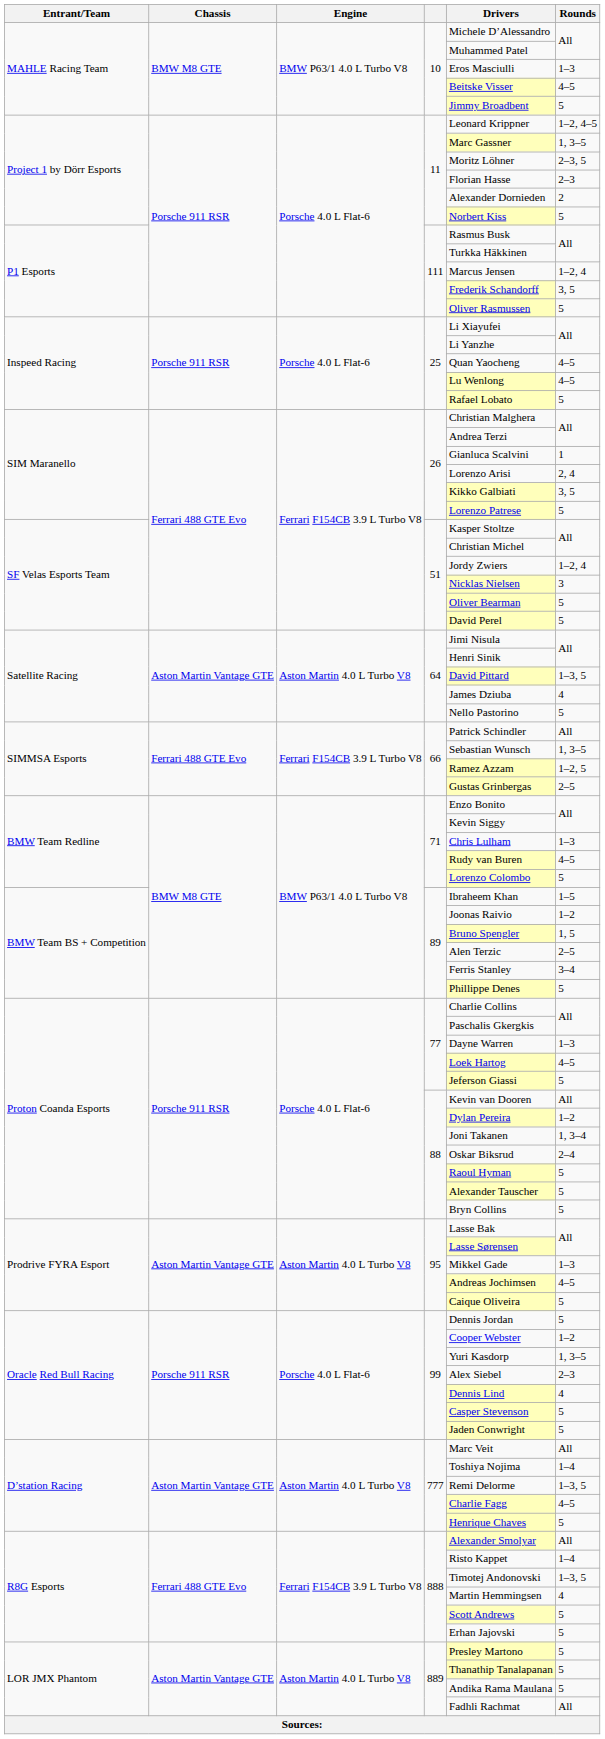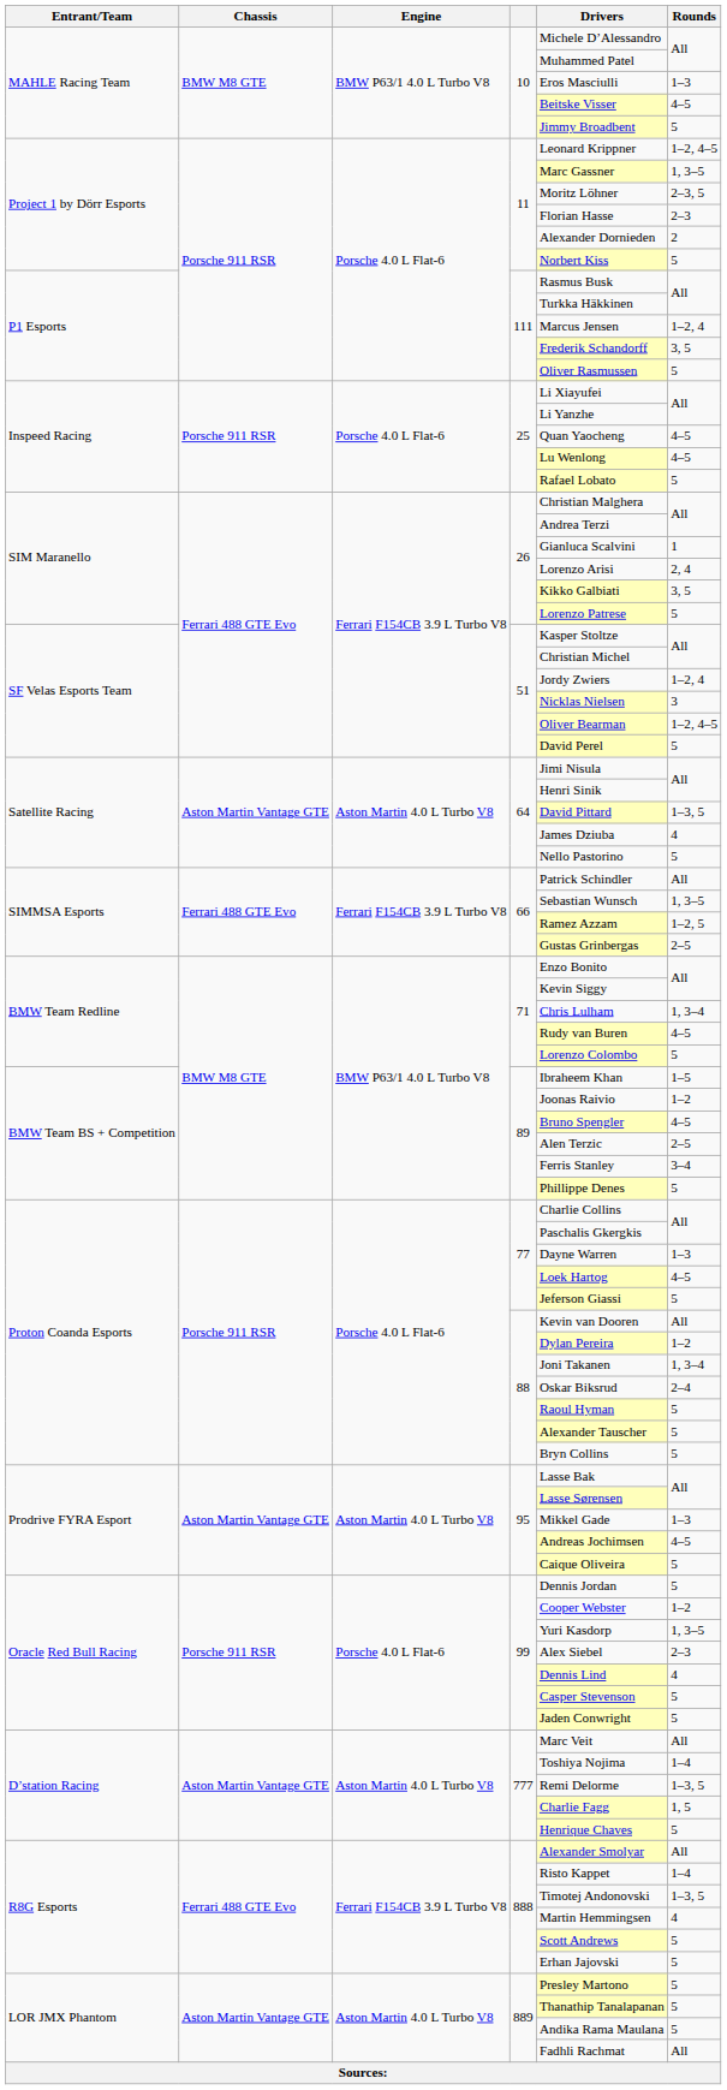 <table class="wikitable" style="font-size: 85%;">
 <tr>
 <th>Entrant/Team</th>
 <th>Chassis</th>
 <th>Engine</th>
 <th></th>
 <th>Drivers</th>
 <th>Rounds</th>
 </tr>
 <tr>
 <td rowspan="5"> <a href='#'>MAHLE</a> Racing Team</td>
 <td rowspan="5"><a href='#'>BMW M8 GTE</a></td>
 <td rowspan="5"><a href='#'>BMW</a> P63/1 4.0 L Turbo V8</td>
 <td rowspan="5" align="center">10</td>
 <td> Michele D’Alessandro</td>
 <td rowspan="2">All</td>
 </tr>
 <tr>
 <td> Muhammed Patel</td>
 </tr>
 <tr>
 <td> Eros Masciulli</td>
 <td>1–3</td>
 </tr>
 <tr>
 <td style="background:#ffffbb;"> <a href='#'>Beitske Visser</a></td>
 <td>4–5</td>
 </tr>
 <tr>
 <td style="background:#ffffbb;"> <a href='#'>Jimmy Broadbent</a></td>
 <td>5</td>
 </tr>
 <tr>
 <td rowspan="6"> <a href='#'>Project 1</a> by Dörr Esports</td>
 <td rowspan="11"><a href='#'>Porsche 911 RSR</a></td>
 <td rowspan="11"><a href='#'>Porsche</a> 4.0 L Flat-6</td>
 <td rowspan="6" align="center">11</td>
 <td> Leonard Krippner</td>
 <td>1–2, 4–5</td>
 </tr>
 <tr>
 <td style="background:#ffffbb;"> Marc Gassner</td>
 <td>1, 3–5</td>
 </tr>
 <tr>
 <td> Moritz Löhner</td>
 <td>2–3, 5</td>
 </tr>
 <tr>
 <td> Florian Hasse</td>
 <td>2–3</td>
 </tr>
 <tr>
 <td> Alexander Dornieden</td>
 <td>2</td>
 </tr>
 <tr>
 <td style="background:#ffffbb;"> <a href='#'>Norbert Kiss</a></td>
 <td>5</td>
 </tr>
 <tr>
 <td rowspan="5"> <a href='#'>P1</a> Esports</td>
 <td rowspan="5" align="center">111</td>
 <td> Rasmus Busk</td>
 <td rowspan="2">All</td>
 </tr>
 <tr>
 <td> Turkka Häkkinen</td>
 </tr>
 <tr>
 <td> Marcus Jensen</td>
 <td>1–2, 4</td>
 </tr>
 <tr>
 <td style="background:#ffffbb;"> <a href='#'>Frederik Schandorff</a></td>
 <td>3, 5</td>
 </tr>
 <tr>
 <td style="background:#ffffbb;"> <a href='#'>Oliver Rasmussen</a></td>
 <td>5</td>
 </tr>
 <tr>
 <td rowspan="5"> Inspeed Racing</td>
 <td rowspan="5"><a href='#'>Porsche 911 RSR</a></td>
 <td rowspan="5"><a href='#'>Porsche</a> 4.0 L Flat-6</td>
 <td rowspan="5" align="center">25</td>
 <td> Li Xiayufei</td>
 <td rowspan="2">All</td>
 </tr>
 <tr>
 <td> Li Yanzhe</td>
 </tr>
 <tr>
 <td> Quan Yaocheng</td>
 <td>4–5</td>
 </tr>
 <tr>
 <td style="background:#ffffbb;"> Lu Wenlong</td>
 <td>4–5</td>
 </tr>
 <tr>
 <td style="background:#ffffbb;"> Rafael Lobato</td>
 <td>5</td>
 </tr>
 <tr>
 <td rowspan="6"> SIM Maranello</td>
 <td rowspan="12"><a href='#'>Ferrari 488 GTE Evo</a></td>
 <td rowspan="12"><a href='#'>Ferrari</a> <a href='#'>F154CB</a> 3.9 L Turbo V8</td>
 <td rowspan="6" align="center">26</td>
 <td> Christian Malghera</td>
 <td rowspan="2">All</td>
 </tr>
 <tr>
 <td> Andrea Terzi</td>
 </tr>
 <tr>
 <td> Gianluca Scalvini</td>
 <td>1</td>
 </tr>
 <tr>
 <td> Lorenzo Arisi</td>
 <td>2, 4</td>
 </tr>
 <tr>
 <td style="background:#ffffbb;"> Kikko Galbiati</td>
 <td>3, 5</td>
 </tr>
 <tr>
 <td style="background:#ffffbb;"> <a href='#'>Lorenzo Patrese</a></td>
 <td>5</td>
 </tr>
 <tr>
 <td rowspan="6"> <a href='#'>SF</a> Velas Esports Team</td>
 <td rowspan="6" align="center">51</td>
 <td> Kasper Stoltze</td>
 <td rowspan="2">All</td>
 </tr>
 <tr>
 <td> Christian Michel</td>
 </tr>
 <tr>
 <td> Jordy Zwiers</td>
 <td>1–2, 4</td>
 </tr>
 <tr>
 <td style="background:#ffffbb;"> <a href='#'>Nicklas Nielsen</a></td>
 <td>3</td>
 </tr>
 <tr>
 <td style="background:#ffffbb;"> <a href='#'>Oliver Bearman</a></td>
-<td>5</td>
+<td>1–2, 4–5</td>
 </tr>
 <tr>
 <td style="background:#ffffbb;"> David Perel</td>
 <td>5</td>
 </tr>
 <tr>
 <td rowspan="5"> Satellite Racing</td>
 <td rowspan="5"><a href='#'>Aston Martin Vantage GTE</a></td>
 <td rowspan="5"><a href='#'>Aston Martin</a> 4.0 L Turbo <a href='#'>V8</a></td>
 <td rowspan="5" align="center">64</td>
 <td> Jimi Nisula</td>
 <td rowspan="2">All</td>
 </tr>
 <tr>
 <td> Henri Sinik</td>
 </tr>
 <tr>
 <td style="background:#ffffbb;"> <a href='#'>David Pittard</a></td>
 <td>1–3, 5</td>
 </tr>
 <tr>
 <td> James Dziuba</td>
 <td>4</td>
 </tr>
 <tr>
 <td> Nello Pastorino</td>
 <td>5</td>
 </tr>
 <tr>
 <td rowspan="4"> SIMMSA Esports</td>
 <td rowspan="4"><a href='#'>Ferrari 488 GTE Evo</a></td>
 <td rowspan="4"><a href='#'>Ferrari</a> <a href='#'>F154CB</a> 3.9 L Turbo V8</td>
 <td rowspan="4" align="center">66</td>
 <td> Patrick Schindler</td>
 <td>All</td>
 </tr>
 <tr>
 <td> Sebastian Wunsch</td>
 <td>1, 3–5</td>
 </tr>
 <tr>
 <td style="background:#ffffbb;"> Ramez Azzam</td>
 <td>1–2, 5</td>
 </tr>
 <tr>
 <td style="background:#ffffbb;"> Gustas Grinbergas</td>
 <td>2–5</td>
 </tr>
 <tr>
 <td rowspan="5"> <a href='#'>BMW</a> Team Redline</td>
 <td rowspan="11"><a href='#'>BMW M8 GTE</a></td>
 <td rowspan="11"><a href='#'>BMW</a> P63/1 4.0 L Turbo V8</td>
 <td rowspan="5" align="center">71</td>
 <td> Enzo Bonito</td>
 <td rowspan="2">All</td>
 </tr>
 <tr>
 <td> Kevin Siggy</td>
 </tr>
 <tr>
 <td> <a href='#'>Chris Lulham</a></td>
-<td>1–3</td>
+<td>1, 3–4</td>
 </tr>
 <tr>
 <td style="background:#ffffbb;"> Rudy van Buren</td>
 <td>4–5</td>
 </tr>
 <tr>
 <td style="background:#ffffbb;"> <a href='#'>Lorenzo Colombo</a></td>
 <td>5</td>
 </tr>
 <tr>
 <td rowspan="6"> <a href='#'>BMW</a> Team BS + Competition</td>
 <td rowspan="6" align="center">89</td>
 <td> Ibraheem Khan</td>
 <td>1–5</td>
 </tr>
 <tr>
 <td> Joonas Raivio</td>
 <td>1–2</td>
 </tr>
 <tr>
 <td style="background:#ffffbb;"> <a href='#'>Bruno Spengler</a></td>
-<td>1, 5</td>
+<td>4–5</td>
 </tr>
 <tr>
 <td> Alen Terzic</td>
 <td>2–5</td>
 </tr>
 <tr>
 <td> Ferris Stanley</td>
 <td>3–4</td>
 </tr>
 <tr>
 <td style="background:#ffffbb;"> Phillippe Denes</td>
 <td>5</td>
 </tr>
 <tr>
 <td rowspan="12"> <a href='#'>Proton</a> Coanda Esports</td>
 <td rowspan="12"><a href='#'>Porsche 911 RSR</a></td>
 <td rowspan="12"><a href='#'>Porsche</a> 4.0 L Flat-6</td>
 <td rowspan="5" align="center">77</td>
 <td> Charlie Collins</td>
 <td rowspan="2">All</td>
 </tr>
 <tr>
 <td> Paschalis Gkergkis</td>
 </tr>
 <tr>
 <td> Dayne Warren</td>
 <td>1–3</td>
 </tr>
 <tr>
 <td style="background:#ffffbb;"> <a href='#'>Loek Hartog</a></td>
 <td>4–5</td>
 </tr>
 <tr>
 <td style="background:#ffffbb;"> Jeferson Giassi</td>
 <td>5</td>
 </tr>
 <tr>
 <td rowspan="7" align="center">88</td>
 <td> Kevin van Dooren</td>
 <td>All</td>
 </tr>
 <tr>
 <td style="background:#ffffbb;"> <a href='#'>Dylan Pereira</a></td>
 <td>1–2</td>
 </tr>
 <tr>
 <td> Joni Takanen</td>
 <td>1, 3–4</td>
 </tr>
 <tr>
 <td> Oskar Biksrud</td>
 <td>2–4</td>
 </tr>
 <tr>
 <td style="background:#ffffbb;"> <a href='#'>Raoul Hyman</a></td>
 <td>5</td>
 </tr>
 <tr>
 <td style="background:#ffffbb;"> Alexander Tauscher</td>
 <td>5</td>
 </tr>
 <tr>
 <td> Bryn Collins</td>
 <td>5</td>
 </tr>
 <tr>
 <td rowspan="5"> Prodrive FYRA Esport</td>
 <td rowspan="5"><a href='#'>Aston Martin Vantage GTE</a></td>
 <td rowspan="5"><a href='#'>Aston Martin</a> 4.0 L Turbo <a href='#'>V8</a></td>
 <td rowspan="5" align="center">95</td>
 <td> Lasse Bak</td>
 <td rowspan="2">All</td>
 </tr>
 <tr>
 <td style="background:#ffffbb;"> <a href='#'>Lasse Sørensen</a></td>
 </tr>
 <tr>
 <td> Mikkel Gade</td>
 <td>1–3</td>
 </tr>
 <tr>
 <td style="background:#ffffbb;"> Andreas Jochimsen</td>
 <td>4–5</td>
 </tr>
 <tr>
 <td style="background:#ffffbb;"> Caique Oliveira</td>
 <td>5</td>
 </tr>
 <tr>
 <td rowspan="7"> <a href='#'>Oracle</a> <a href='#'>Red Bull Racing</a></td>
 <td rowspan="7"><a href='#'>Porsche 911 RSR</a></td>
 <td rowspan="7"><a href='#'>Porsche</a> 4.0 L Flat-6</td>
 <td rowspan="7" align="center">99</td>
 <td> Dennis Jordan</td>
 <td>5</td>
 </tr>
 <tr>
 <td> <a href='#'>Cooper Webster</a></td>
 <td>1–2</td>
 </tr>
 <tr>
 <td> Yuri Kasdorp</td>
 <td>1, 3–5</td>
 </tr>
 <tr>
 <td> Alex Siebel</td>
 <td>2–3</td>
 </tr>
 <tr>
 <td style="background:#ffffbb;"> <a href='#'>Dennis Lind</a></td>
 <td>4</td>
 </tr>
 <tr>
 <td style="background:#ffffbb;"> <a href='#'>Casper Stevenson</a></td>
 <td>5</td>
 </tr>
 <tr>
 <td style="background:#ffffbb;"> Jaden Conwright</td>
 <td>5</td>
 </tr>
 <tr>
 <td rowspan="5"> <a href='#'>D’station Racing</a></td>
 <td rowspan="5"><a href='#'>Aston Martin Vantage GTE</a></td>
 <td rowspan="5"><a href='#'>Aston Martin</a> 4.0 L Turbo <a href='#'>V8</a></td>
 <td rowspan="5" align="center">777</td>
 <td> Marc Veit</td>
 <td>All</td>
 </tr>
 <tr>
 <td> Toshiya Nojima</td>
 <td>1–4</td>
 </tr>
 <tr>
 <td> Remi Delorme</td>
 <td>1–3, 5</td>
 </tr>
 <tr>
 <td style="background:#ffffbb;"> <a href='#'>Charlie Fagg</a></td>
-<td>4–5</td>
+<td>1, 5</td>
 </tr>
 <tr>
 <td style="background:#ffffbb;"> <a href='#'>Henrique Chaves</a></td>
 <td>5</td>
 </tr>
 <tr>
 <td rowspan="6"> <a href='#'>R8G</a> Esports</td>
 <td rowspan="6"><a href='#'>Ferrari 488 GTE Evo</a></td>
 <td rowspan="6"><a href='#'>Ferrari</a> <a href='#'>F154CB</a> 3.9 L Turbo V8</td>
 <td rowspan="6" align="center">888</td>
 <td style="background:#ffffbb;"><a href='#'>Alexander Smolyar</a></td>
 <td>All</td>
 </tr>
 <tr>
 <td> Risto Kappet</td>
 <td>1–4</td>
 </tr>
 <tr>
 <td> Timotej Andonovski</td>
 <td>1–3, 5</td>
 </tr>
 <tr>
 <td> Martin Hemmingsen</td>
 <td>4</td>
 </tr>
 <tr>
 <td style="background:#ffffbb;"> <a href='#'>Scott Andrews</a></td>
 <td>5</td>
 </tr>
 <tr>
 <td> Erhan Jajovski</td>
 <td>5</td>
 </tr>
 <tr>
 <td rowspan="4"> LOR JMX Phantom</td>
 <td rowspan="4"><a href='#'>Aston Martin Vantage GTE</a></td>
 <td rowspan="4"><a href='#'>Aston Martin</a> 4.0 L Turbo <a href='#'>V8</a></td>
 <td rowspan="4" align="center">889</td>
 <td style="background:#ffffbb;"> Presley Martono</td>
 <td>5</td>
 </tr>
 <tr>
 <td style="background:#ffffbb;"> Thanathip Tanalapanan</td>
 <td>5</td>
 </tr>
 <tr>
 <td> Andika Rama Maulana</td>
 <td>5</td>
 </tr>
 <tr>
 <td> Fadhli Rachmat</td>
 <td>All</td>
 </tr>
 <tr>
 <th colspan="9">Sources:</th>
 </tr>
 </table>
